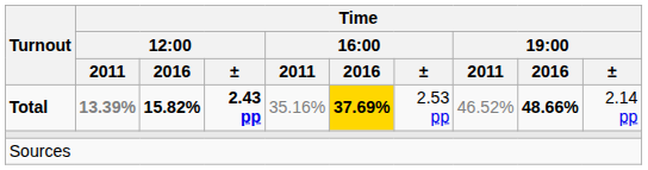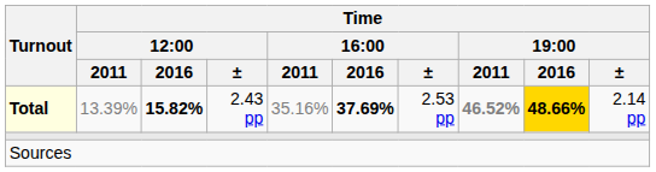 <table class="wikitable sortable" style="text-align:right;">
 <tr>
 <th rowspan="3">Turnout</th>
 <th colspan="9">Time</th>
 </tr>
 <tr>
 <th colspan="3">12:00</th>
 <th colspan="3">16:00</th>
 <th colspan="3">19:00</th>
 </tr>
 <tr>
 <th>2011</th>
 <th>2016</th>
 <th>±</th>
 <th>2011</th>
 <th>2016</th>
 <th>±</th>
 <th>2011</th>
 <th>2016</th>
 <th>±</th>
 </tr>
 <tr>
-<td align="left"><strong>Total</strong></td>
-<td style="color:gray;"><strong>13.39%</strong></td>
+<td align="left" style="background: lightyellow;"><strong>Total</strong></td>
+<td style="color:gray;">13.39%</td>
 <td><strong>15.82%</strong></td>
-<td><strong> 2.43 <a href='#'>pp</a></strong></td>
+<td> 2.43 <a href='#'>pp</a></td>
 <td style="color:gray;">35.16%</td>
-<td style="background: gold;"><strong>37.69%</strong></td>
+<td><strong>37.69%</strong></td>
 <td> 2.53 <a href='#'>pp</a></td>
-<td style="color:gray;">46.52%</td>
-<td><strong>48.66%</strong></td>
+<td style="color:gray;"><strong>46.52%</strong></td>
+<td style="background: gold;"><strong>48.66%</strong></td>
 <td> 2.14 <a href='#'>pp</a></td>
 </tr>
 <tr>
 <td colspan="10" bgcolor="#E9E9E9"></td>
 </tr>
 <tr>
 <td align="left" colspan="10">Sources</td>
 </tr>
 </table>
